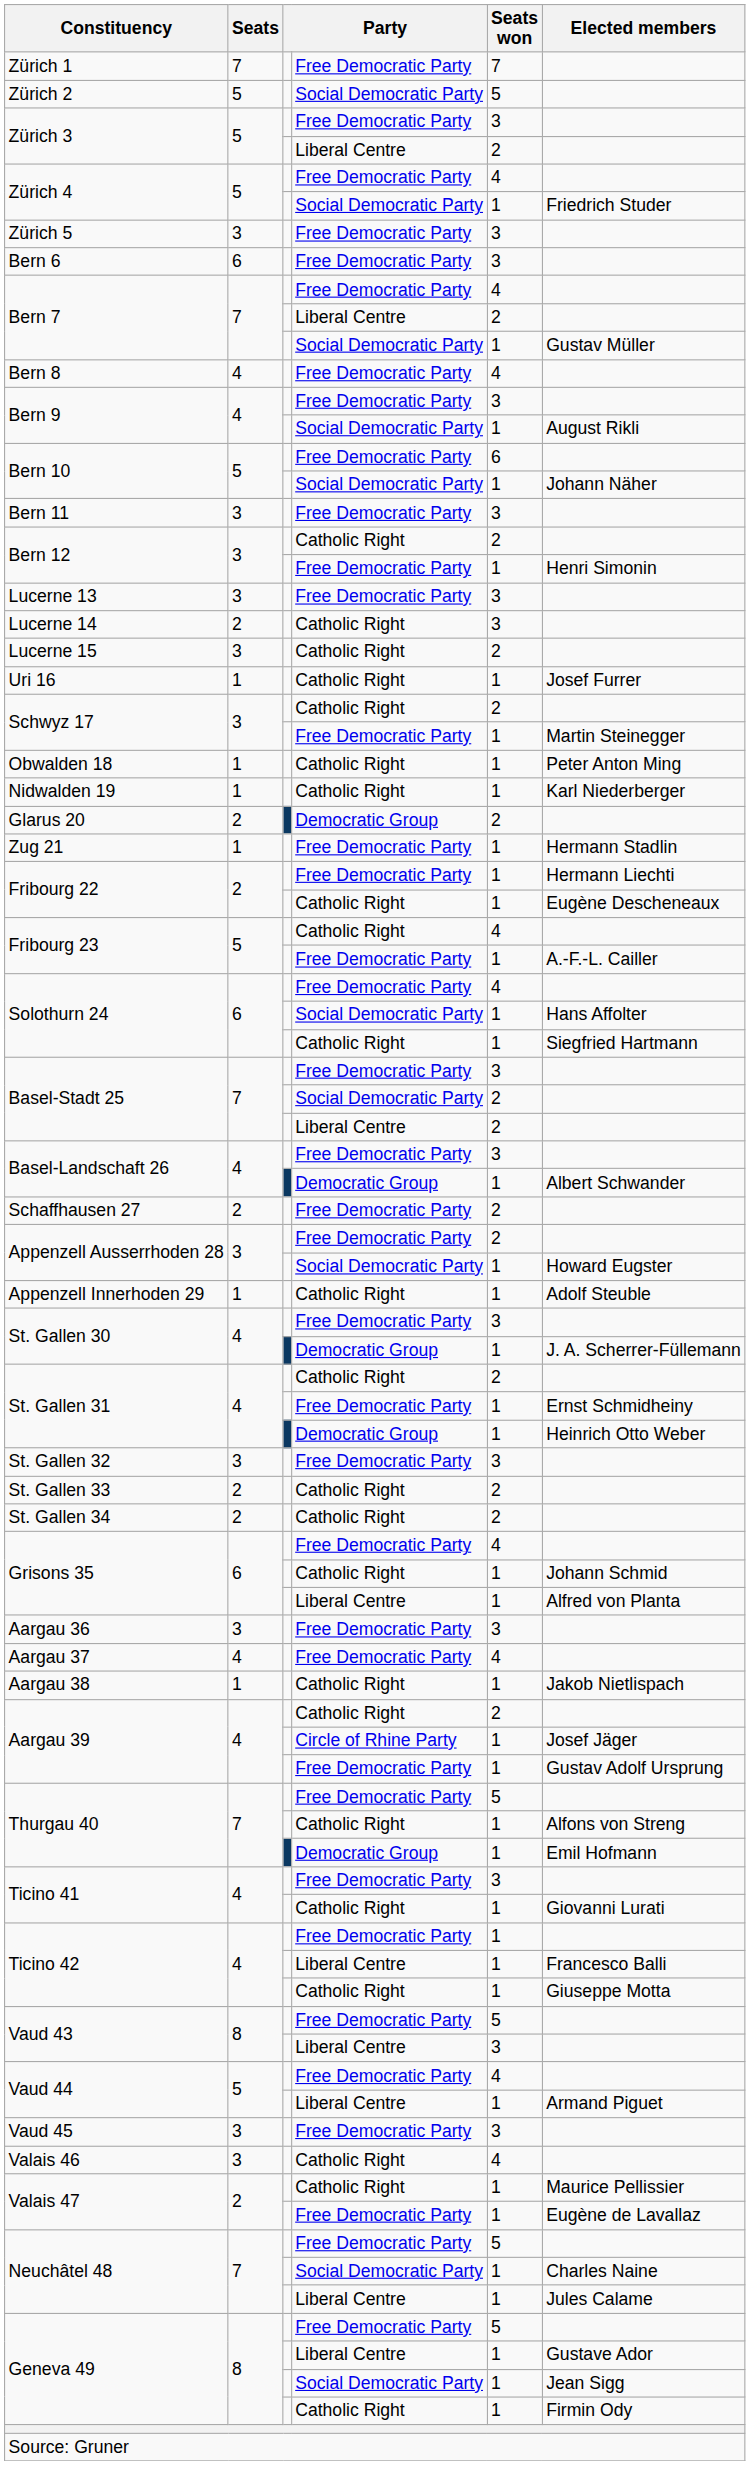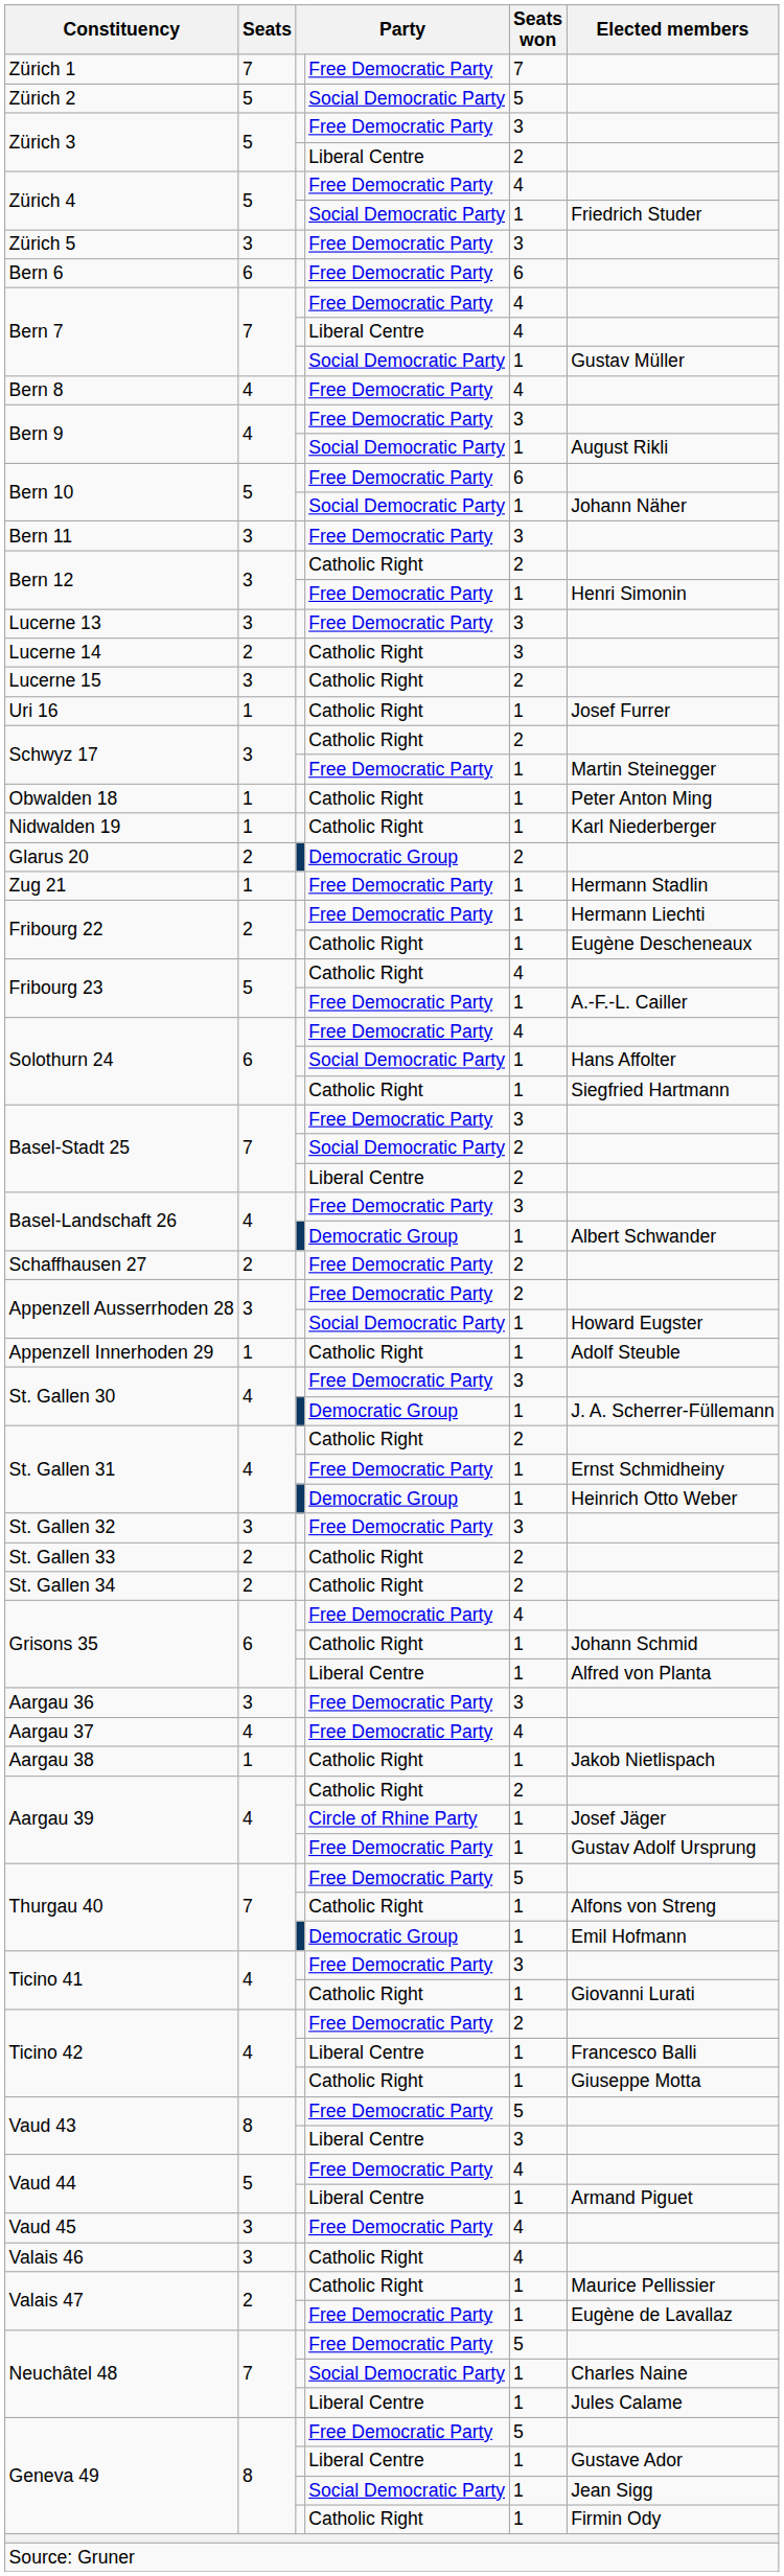 <table class="wikitable">
 <tr>
 <th>Constituency</th>
 <th>Seats</th>
 <th colspan="2">Party</th>
 <th>Seats<br>won</th>
 <th>Elected members</th>
 </tr>
 <tr>
 <td>Zürich 1</td>
 <td>7</td>
 <td style="color:inherit;background:"></td>
 <td><a href='#'>Free Democratic Party</a></td>
 <td>7</td>
 <td></td>
 </tr>
 <tr>
 <td>Zürich 2</td>
 <td>5</td>
 <td style="color:inherit;background:"></td>
 <td><a href='#'>Social Democratic Party</a></td>
 <td>5</td>
 <td></td>
 </tr>
 <tr>
 <td rowspan="2">Zürich 3</td>
 <td rowspan="2">5</td>
 <td style="color:inherit;background:"></td>
 <td><a href='#'>Free Democratic Party</a></td>
 <td>3</td>
 <td></td>
 </tr>
 <tr>
 <td style="color:inherit;background:"></td>
 <td>Liberal Centre</td>
 <td>2</td>
 <td></td>
 </tr>
 <tr>
 <td rowspan="2">Zürich 4</td>
 <td rowspan="2">5</td>
 <td style="color:inherit;background:"></td>
 <td><a href='#'>Free Democratic Party</a></td>
 <td>4</td>
 <td></td>
 </tr>
 <tr>
 <td style="color:inherit;background:"></td>
 <td><a href='#'>Social Democratic Party</a></td>
 <td>1</td>
 <td>Friedrich Studer</td>
 </tr>
 <tr>
 <td>Zürich 5</td>
 <td>3</td>
 <td style="color:inherit;background:"></td>
 <td><a href='#'>Free Democratic Party</a></td>
 <td>3</td>
 <td></td>
 </tr>
 <tr>
 <td>Bern 6</td>
 <td>6</td>
 <td style="color:inherit;background:"></td>
 <td><a href='#'>Free Democratic Party</a></td>
-<td>3</td>
+<td>6</td>
 <td></td>
 </tr>
 <tr>
 <td rowspan="3">Bern 7</td>
 <td rowspan="3">7</td>
 <td style="color:inherit;background:"></td>
 <td><a href='#'>Free Democratic Party</a></td>
 <td>4</td>
 <td></td>
 </tr>
 <tr>
 <td style="color:inherit;background:"></td>
 <td>Liberal Centre</td>
-<td>2</td>
+<td>4</td>
 <td></td>
 </tr>
 <tr>
 <td style="color:inherit;background:"></td>
 <td><a href='#'>Social Democratic Party</a></td>
 <td>1</td>
 <td>Gustav Müller</td>
 </tr>
 <tr>
 <td>Bern 8</td>
 <td>4</td>
 <td style="color:inherit;background:"></td>
 <td><a href='#'>Free Democratic Party</a></td>
 <td>4</td>
 <td></td>
 </tr>
 <tr>
 <td rowspan="2">Bern 9</td>
 <td rowspan="2">4</td>
 <td style="color:inherit;background:"></td>
 <td><a href='#'>Free Democratic Party</a></td>
 <td>3</td>
 <td></td>
 </tr>
 <tr>
 <td style="color:inherit;background:"></td>
 <td><a href='#'>Social Democratic Party</a></td>
 <td>1</td>
 <td>August Rikli</td>
 </tr>
 <tr>
 <td rowspan="2">Bern 10</td>
 <td rowspan="2">5</td>
 <td style="color:inherit;background:"></td>
 <td><a href='#'>Free Democratic Party</a></td>
 <td>6</td>
 <td></td>
 </tr>
 <tr>
 <td style="color:inherit;background:"></td>
 <td><a href='#'>Social Democratic Party</a></td>
 <td>1</td>
 <td>Johann Näher</td>
 </tr>
 <tr>
 <td>Bern 11</td>
 <td>3</td>
 <td style="color:inherit;background:"></td>
 <td><a href='#'>Free Democratic Party</a></td>
 <td>3</td>
 <td></td>
 </tr>
 <tr>
 <td rowspan="2">Bern 12</td>
 <td rowspan="2">3</td>
 <td style="color:inherit;background:"></td>
 <td>Catholic Right</td>
 <td>2</td>
 <td></td>
 </tr>
 <tr>
 <td style="color:inherit;background:"></td>
 <td><a href='#'>Free Democratic Party</a></td>
 <td>1</td>
 <td>Henri Simonin</td>
 </tr>
 <tr>
 <td>Lucerne 13</td>
 <td>3</td>
 <td style="color:inherit;background:"></td>
 <td><a href='#'>Free Democratic Party</a></td>
 <td>3</td>
 <td></td>
 </tr>
 <tr>
 <td>Lucerne 14</td>
 <td>2</td>
 <td style="color:inherit;background:"></td>
 <td>Catholic Right</td>
 <td>3</td>
 <td></td>
 </tr>
 <tr>
 <td>Lucerne 15</td>
 <td>3</td>
 <td style="color:inherit;background:"></td>
 <td>Catholic Right</td>
 <td>2</td>
 <td></td>
 </tr>
 <tr>
 <td>Uri 16</td>
 <td>1</td>
 <td style="color:inherit;background:"></td>
 <td>Catholic Right</td>
 <td>1</td>
 <td>Josef Furrer</td>
 </tr>
 <tr>
 <td rowspan="2">Schwyz 17</td>
 <td rowspan="2">3</td>
 <td style="color:inherit;background:"></td>
 <td>Catholic Right</td>
 <td>2</td>
 <td></td>
 </tr>
 <tr>
 <td style="color:inherit;background:"></td>
 <td><a href='#'>Free Democratic Party</a></td>
 <td>1</td>
 <td>Martin Steinegger</td>
 </tr>
 <tr>
 <td>Obwalden 18</td>
 <td>1</td>
 <td style="color:inherit;background:"></td>
 <td>Catholic Right</td>
 <td>1</td>
 <td>Peter Anton Ming</td>
 </tr>
 <tr>
 <td>Nidwalden 19</td>
 <td>1</td>
 <td style="color:inherit;background:"></td>
 <td>Catholic Right</td>
 <td>1</td>
 <td>Karl Niederberger</td>
 </tr>
 <tr>
 <td>Glarus 20</td>
 <td>2</td>
 <td style="color:inherit;background:#0B3861"></td>
 <td><a href='#'>Democratic Group</a></td>
 <td>2</td>
 <td></td>
 </tr>
 <tr>
 <td>Zug 21</td>
 <td>1</td>
 <td style="color:inherit;background:"></td>
 <td><a href='#'>Free Democratic Party</a></td>
 <td>1</td>
 <td>Hermann Stadlin</td>
 </tr>
 <tr>
 <td rowspan="2">Fribourg 22</td>
 <td rowspan="2">2</td>
 <td style="color:inherit;background:"></td>
 <td><a href='#'>Free Democratic Party</a></td>
 <td>1</td>
 <td>Hermann Liechti</td>
 </tr>
 <tr>
 <td style="color:inherit;background:"></td>
 <td>Catholic Right</td>
 <td>1</td>
 <td>Eugène Descheneaux</td>
 </tr>
 <tr>
 <td rowspan="2">Fribourg 23</td>
 <td rowspan="2">5</td>
 <td style="color:inherit;background:"></td>
 <td>Catholic Right</td>
 <td>4</td>
 <td></td>
 </tr>
 <tr>
 <td style="color:inherit;background:"></td>
 <td><a href='#'>Free Democratic Party</a></td>
 <td>1</td>
 <td>A.-F.-L. Cailler</td>
 </tr>
 <tr>
 <td rowspan="3">Solothurn 24</td>
 <td rowspan="3">6</td>
 <td style="color:inherit;background:"></td>
 <td><a href='#'>Free Democratic Party</a></td>
 <td>4</td>
 <td></td>
 </tr>
 <tr>
 <td style="color:inherit;background:"></td>
 <td><a href='#'>Social Democratic Party</a></td>
 <td>1</td>
 <td>Hans Affolter</td>
 </tr>
 <tr>
 <td style="color:inherit;background:"></td>
 <td>Catholic Right</td>
 <td>1</td>
 <td>Siegfried Hartmann</td>
 </tr>
 <tr>
 <td rowspan="3">Basel-Stadt 25</td>
 <td rowspan="3">7</td>
 <td style="color:inherit;background:"></td>
 <td><a href='#'>Free Democratic Party</a></td>
 <td>3</td>
 <td></td>
 </tr>
 <tr>
 <td style="color:inherit;background:"></td>
 <td><a href='#'>Social Democratic Party</a></td>
 <td>2</td>
 <td></td>
 </tr>
 <tr>
 <td style="color:inherit;background:"></td>
 <td>Liberal Centre</td>
 <td>2</td>
 <td></td>
 </tr>
 <tr>
 <td rowspan="2">Basel-Landschaft 26</td>
 <td rowspan="2">4</td>
 <td style="color:inherit;background:"></td>
 <td><a href='#'>Free Democratic Party</a></td>
 <td>3</td>
 <td></td>
 </tr>
 <tr>
 <td style="color:inherit;background:#0B3861"></td>
 <td><a href='#'>Democratic Group</a></td>
 <td>1</td>
 <td>Albert Schwander</td>
 </tr>
 <tr>
 <td>Schaffhausen 27</td>
 <td>2</td>
 <td style="color:inherit;background:"></td>
 <td><a href='#'>Free Democratic Party</a></td>
 <td>2</td>
 <td></td>
 </tr>
 <tr>
 <td rowspan="2">Appenzell Ausserrhoden 28</td>
 <td rowspan="2">3</td>
 <td style="color:inherit;background:"></td>
 <td><a href='#'>Free Democratic Party</a></td>
 <td>2</td>
 <td></td>
 </tr>
 <tr>
 <td style="color:inherit;background:"></td>
 <td><a href='#'>Social Democratic Party</a></td>
 <td>1</td>
 <td>Howard Eugster</td>
 </tr>
 <tr>
 <td>Appenzell Innerhoden 29</td>
 <td>1</td>
 <td style="color:inherit;background:"></td>
 <td>Catholic Right</td>
 <td>1</td>
 <td>Adolf Steuble</td>
 </tr>
 <tr>
 <td rowspan="2">St. Gallen 30</td>
 <td rowspan="2">4</td>
 <td style="color:inherit;background:"></td>
 <td><a href='#'>Free Democratic Party</a></td>
 <td>3</td>
 <td></td>
 </tr>
 <tr>
 <td style="color:inherit;background:#0B3861"></td>
 <td><a href='#'>Democratic Group</a></td>
 <td>1</td>
 <td>J. A. Scherrer-Füllemann</td>
 </tr>
 <tr>
 <td rowspan="3">St. Gallen 31</td>
 <td rowspan="3">4</td>
 <td style="color:inherit;background:"></td>
 <td>Catholic Right</td>
 <td>2</td>
 <td></td>
 </tr>
 <tr>
 <td style="color:inherit;background:"></td>
 <td><a href='#'>Free Democratic Party</a></td>
 <td>1</td>
 <td>Ernst Schmidheiny</td>
 </tr>
 <tr>
 <td style="color:inherit;background:#0B3861"></td>
 <td><a href='#'>Democratic Group</a></td>
 <td>1</td>
 <td>Heinrich Otto Weber</td>
 </tr>
 <tr>
 <td>St. Gallen 32</td>
 <td>3</td>
 <td style="color:inherit;background:"></td>
 <td><a href='#'>Free Democratic Party</a></td>
 <td>3</td>
 <td></td>
 </tr>
 <tr>
 <td>St. Gallen 33</td>
 <td>2</td>
 <td style="color:inherit;background:"></td>
 <td>Catholic Right</td>
 <td>2</td>
 <td></td>
 </tr>
 <tr>
 <td>St. Gallen 34</td>
 <td>2</td>
 <td style="color:inherit;background:"></td>
 <td>Catholic Right</td>
 <td>2</td>
 <td></td>
 </tr>
 <tr>
 <td rowspan="3">Grisons 35</td>
 <td rowspan="3">6</td>
 <td style="color:inherit;background:"></td>
 <td><a href='#'>Free Democratic Party</a></td>
 <td>4</td>
 <td></td>
 </tr>
 <tr>
 <td style="color:inherit;background:"></td>
 <td>Catholic Right</td>
 <td>1</td>
 <td>Johann Schmid</td>
 </tr>
 <tr>
 <td style="color:inherit;background:"></td>
 <td>Liberal Centre</td>
 <td>1</td>
 <td>Alfred von Planta</td>
 </tr>
 <tr>
 <td>Aargau 36</td>
 <td>3</td>
 <td style="color:inherit;background:"></td>
 <td><a href='#'>Free Democratic Party</a></td>
 <td>3</td>
 <td></td>
 </tr>
 <tr>
 <td>Aargau 37</td>
 <td>4</td>
 <td style="color:inherit;background:"></td>
 <td><a href='#'>Free Democratic Party</a></td>
 <td>4</td>
 <td></td>
 </tr>
 <tr>
 <td>Aargau 38</td>
 <td>1</td>
 <td style="color:inherit;background:"></td>
 <td>Catholic Right</td>
 <td>1</td>
 <td>Jakob Nietlispach</td>
 </tr>
 <tr>
 <td rowspan="3">Aargau 39</td>
 <td rowspan="3">4</td>
 <td style="color:inherit;background:"></td>
 <td>Catholic Right</td>
 <td>2</td>
 <td></td>
 </tr>
 <tr>
 <td style="color:inherit;background:"></td>
 <td><a href='#'>Circle of Rhine Party</a></td>
 <td>1</td>
 <td>Josef Jäger</td>
 </tr>
 <tr>
 <td style="color:inherit;background:"></td>
 <td><a href='#'>Free Democratic Party</a></td>
 <td>1</td>
 <td>Gustav Adolf Ursprung</td>
 </tr>
 <tr>
 <td rowspan="3">Thurgau 40</td>
 <td rowspan="3">7</td>
 <td style="color:inherit;background:"></td>
 <td><a href='#'>Free Democratic Party</a></td>
 <td>5</td>
 <td></td>
 </tr>
 <tr>
 <td style="color:inherit;background:"></td>
 <td>Catholic Right</td>
 <td>1</td>
 <td>Alfons von Streng</td>
 </tr>
 <tr>
 <td style="color:inherit;background:#0B3861"></td>
 <td><a href='#'>Democratic Group</a></td>
 <td>1</td>
 <td>Emil Hofmann</td>
 </tr>
 <tr>
 <td rowspan="2">Ticino 41</td>
 <td rowspan="2">4</td>
 <td style="color:inherit;background:"></td>
 <td><a href='#'>Free Democratic Party</a></td>
 <td>3</td>
 <td></td>
 </tr>
 <tr>
 <td style="color:inherit;background:"></td>
 <td>Catholic Right</td>
 <td>1</td>
 <td>Giovanni Lurati</td>
 </tr>
 <tr>
 <td rowspan="3">Ticino 42</td>
 <td rowspan="3">4</td>
 <td style="color:inherit;background:"></td>
 <td><a href='#'>Free Democratic Party</a></td>
-<td>1</td>
+<td>2</td>
 <td></td>
 </tr>
 <tr>
 <td style="color:inherit;background:"></td>
 <td>Liberal Centre</td>
 <td>1</td>
 <td>Francesco Balli</td>
 </tr>
 <tr>
 <td style="color:inherit;background:"></td>
 <td>Catholic Right</td>
 <td>1</td>
 <td>Giuseppe Motta</td>
 </tr>
 <tr>
 <td rowspan="2">Vaud 43</td>
 <td rowspan="2">8</td>
 <td style="color:inherit;background:"></td>
 <td><a href='#'>Free Democratic Party</a></td>
 <td>5</td>
 <td></td>
 </tr>
 <tr>
 <td style="color:inherit;background:"></td>
 <td>Liberal Centre</td>
 <td>3</td>
 <td></td>
 </tr>
 <tr>
 <td rowspan="2">Vaud 44</td>
 <td rowspan="2">5</td>
 <td style="color:inherit;background:"></td>
 <td><a href='#'>Free Democratic Party</a></td>
 <td>4</td>
 <td></td>
 </tr>
 <tr>
 <td style="color:inherit;background:"></td>
 <td>Liberal Centre</td>
 <td>1</td>
 <td>Armand Piguet</td>
 </tr>
 <tr>
 <td>Vaud 45</td>
 <td>3</td>
 <td style="color:inherit;background:"></td>
 <td><a href='#'>Free Democratic Party</a></td>
-<td>3</td>
+<td>4</td>
 <td></td>
 </tr>
 <tr>
 <td>Valais 46</td>
 <td>3</td>
 <td style="color:inherit;background:"></td>
 <td>Catholic Right</td>
 <td>4</td>
 <td></td>
 </tr>
 <tr>
 <td rowspan="2">Valais 47</td>
 <td rowspan="2">2</td>
 <td style="color:inherit;background:"></td>
 <td>Catholic Right</td>
 <td>1</td>
 <td>Maurice Pellissier</td>
 </tr>
 <tr>
 <td style="color:inherit;background:"></td>
 <td><a href='#'>Free Democratic Party</a></td>
 <td>1</td>
 <td>Eugène de Lavallaz</td>
 </tr>
 <tr>
 <td rowspan="3">Neuchâtel 48</td>
 <td rowspan="3">7</td>
 <td style="color:inherit;background:"></td>
 <td><a href='#'>Free Democratic Party</a></td>
 <td>5</td>
 <td></td>
 </tr>
 <tr>
 <td style="color:inherit;background:"></td>
 <td><a href='#'>Social Democratic Party</a></td>
 <td>1</td>
 <td>Charles Naine</td>
 </tr>
 <tr>
 <td style="color:inherit;background:"></td>
 <td>Liberal Centre</td>
 <td>1</td>
 <td>Jules Calame</td>
 </tr>
 <tr>
 <td rowspan="4">Geneva 49</td>
 <td rowspan="4">8</td>
 <td style="color:inherit;background:"></td>
 <td><a href='#'>Free Democratic Party</a></td>
 <td>5</td>
 <td></td>
 </tr>
 <tr>
 <td style="color:inherit;background:"></td>
 <td>Liberal Centre</td>
 <td>1</td>
 <td>Gustave Ador</td>
 </tr>
 <tr>
 <td style="color:inherit;background:"></td>
 <td><a href='#'>Social Democratic Party</a></td>
 <td>1</td>
 <td>Jean Sigg</td>
 </tr>
 <tr>
 <td style="color:inherit;background:"></td>
 <td>Catholic Right</td>
 <td>1</td>
 <td>Firmin Ody</td>
 </tr>
 <tr>
 <th colspan="6"></th>
 </tr>
 <tr>
 <td colspan="6">Source: Gruner</td>
 </tr>
 </table>
